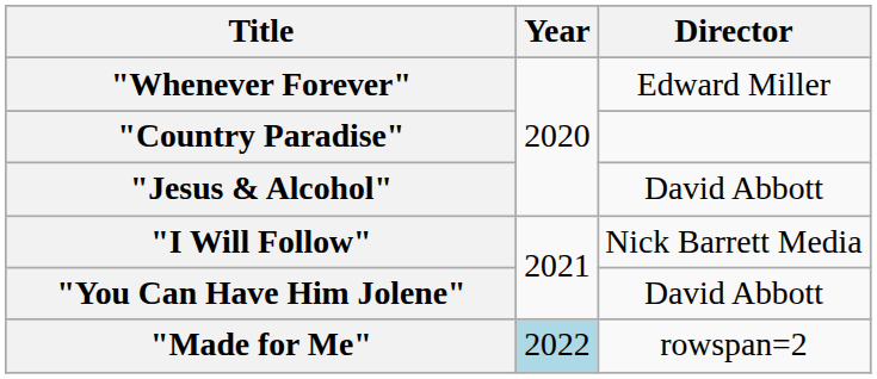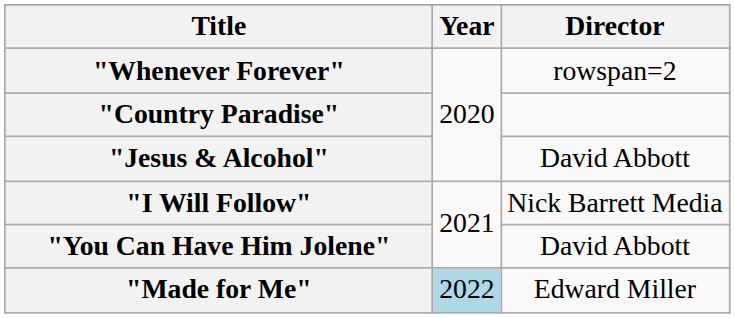 <table class="wikitable plainrowheaders" style="text-align:center;">
 <tr>
 <th style="width:15em;">Title</th>
 <th>Year</th>
 <th>Director</th>
 </tr>
 <tr>
 <th scope="row">"Whenever Forever"</th>
 <td rowspan=3>2020</td>
-<td>Edward Miller</td>
+<td>rowspan=2</td>
 </tr>
 <tr>
 <th scope="row">"Country Paradise"</th>
 </tr>
 <tr>
 <th scope="row">"Jesus & Alcohol"</th>
 <td>David Abbott</td>
 </tr>
 <tr>
 <th scope="row">"I Will Follow"</th>
 <td rowspan=2>2021</td>
 <td>Nick Barrett Media</td>
 </tr>
 <tr>
 <th scope="row">"You Can Have Him Jolene"</th>
 <td>David Abbott</td>
 </tr>
 <tr>
 <th scope="row">"Made for Me"</th>
 <td style="background: lightblue;">2022</td>
-<td>rowspan=2</td>
+<td>Edward Miller</td>
 </tr>
 </table>
